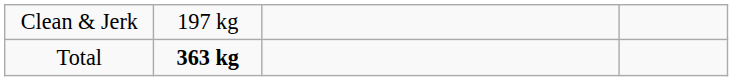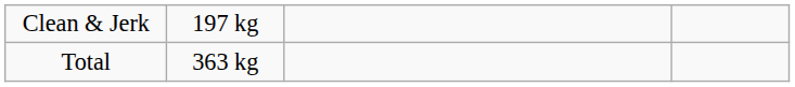 <table class = "wikitable" style="text-align:center;">
 <tr>
 <td width=100>Clean & Jerk</td>
 <td width=70>197 kg</td>
 <td width=250 align=left></td>
 <td width=70></td>
 </tr>
 <tr>
 <td>Total</td>
-<td><strong>363 kg</strong></td>
+<td>363 kg</td>
 <td align=left></td>
 <td></td>
 </tr>
 </table>
